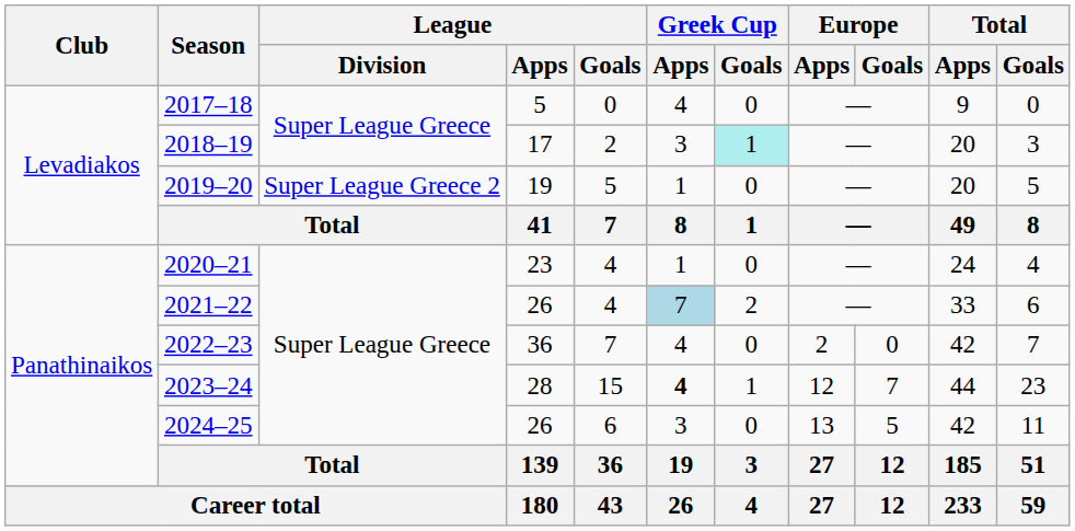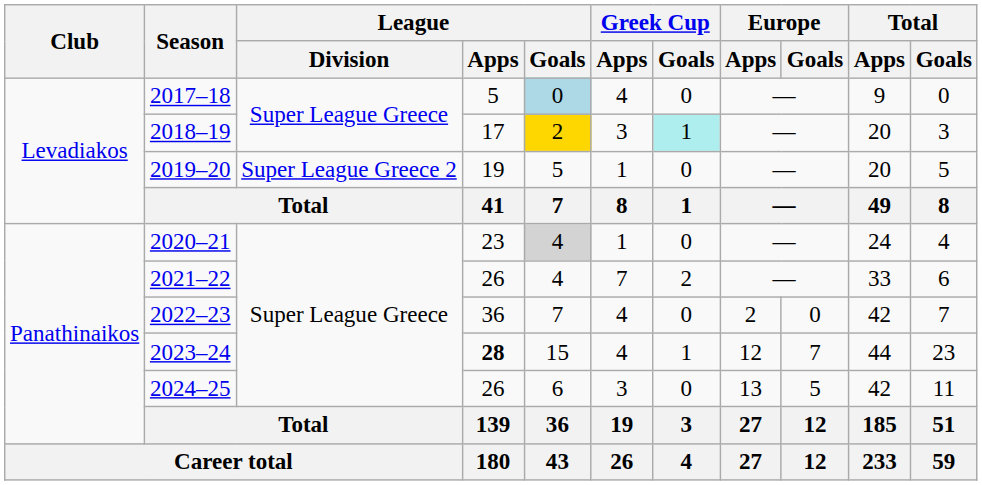 <table class="wikitable" style="text-align:center">
 <tr>
 <th rowspan="2">Club</th>
 <th rowspan="2">Season</th>
 <th colspan="3">League</th>
 <th colspan="2"><a href='#'>Greek Cup</a></th>
 <th colspan="2">Europe</th>
 <th colspan="2">Total</th>
 </tr>
 <tr>
 <th>Division</th>
 <th>Apps</th>
 <th>Goals</th>
 <th>Apps</th>
 <th>Goals</th>
 <th>Apps</th>
 <th>Goals</th>
 <th>Apps</th>
 <th>Goals</th>
 </tr>
 <tr>
 <td rowspan="4"><a href='#'>Levadiakos</a></td>
 <td><a href='#'>2017–18</a></td>
 <td rowspan="2"><a href='#'>Super League Greece</a></td>
 <td>5</td>
-<td>0</td>
+<td style="background: lightblue;">0</td>
 <td>4</td>
 <td>0</td>
 <td colspan="2">—</td>
 <td>9</td>
 <td>0</td>
 </tr>
 <tr>
 <td><a href='#'>2018–19</a></td>
 <td>17</td>
-<td>2</td>
+<td style="background: gold;">2</td>
 <td>3</td>
 <td style="background: paleturquoise;">1</td>
 <td colspan="2">—</td>
 <td>20</td>
 <td>3</td>
 </tr>
 <tr>
 <td><a href='#'>2019–20</a></td>
 <td><a href='#'>Super League Greece 2</a></td>
 <td>19</td>
 <td>5</td>
 <td>1</td>
 <td>0</td>
 <td colspan="2">—</td>
 <td>20</td>
 <td>5</td>
 </tr>
 <tr>
 <th colspan="2">Total</th>
 <th>41</th>
 <th>7</th>
 <th>8</th>
 <th>1</th>
 <th colspan="2">—</th>
 <th>49</th>
 <th>8</th>
 </tr>
 <tr>
 <td rowspan="6"><a href='#'>Panathinaikos</a></td>
 <td><a href='#'>2020–21</a></td>
 <td rowspan="5">Super League Greece</td>
 <td>23</td>
-<td>4</td>
+<td style="background: lightgrey;">4</td>
 <td>1</td>
 <td>0</td>
 <td colspan="2">—</td>
 <td>24</td>
 <td>4</td>
 </tr>
 <tr>
 <td><a href='#'>2021–22</a></td>
 <td>26</td>
 <td>4</td>
-<td style="background: lightblue;">7</td>
+<td>7</td>
 <td>2</td>
 <td colspan="2">—</td>
 <td>33</td>
 <td>6</td>
 </tr>
 <tr>
 <td><a href='#'>2022–23</a></td>
 <td>36</td>
 <td>7</td>
 <td>4</td>
 <td>0</td>
 <td>2</td>
 <td>0</td>
 <td>42</td>
 <td>7</td>
 </tr>
 <tr>
 <td><a href='#'>2023–24</a></td>
-<td>28</td>
+<td><strong>28</strong></td>
 <td>15</td>
-<td><strong>4</strong></td>
+<td>4</td>
 <td>1</td>
 <td>12</td>
 <td>7</td>
 <td>44</td>
 <td>23</td>
 </tr>
 <tr>
 <td><a href='#'>2024–25</a></td>
 <td>26</td>
 <td>6</td>
 <td>3</td>
 <td>0</td>
 <td>13</td>
 <td>5</td>
 <td>42</td>
 <td>11</td>
 </tr>
 <tr>
 <th colspan="2">Total</th>
 <th>139</th>
 <th>36</th>
 <th>19</th>
 <th>3</th>
 <th>27</th>
 <th>12</th>
 <th>185</th>
 <th>51</th>
 </tr>
 <tr>
 <th colspan="3">Career total</th>
 <th>180</th>
 <th>43</th>
 <th>26</th>
 <th>4</th>
 <th>27</th>
 <th>12</th>
 <th>233</th>
 <th>59</th>
 </tr>
 </table>
